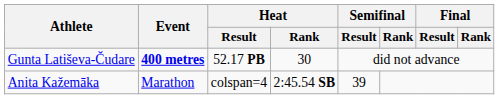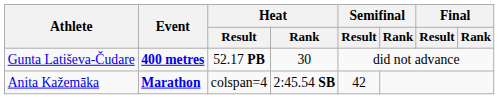 <table class="wikitable" style="font-size:90%">
 <tr>
 <th rowspan="2">Athlete</th>
 <th rowspan="2">Event</th>
 <th colspan="2">Heat</th>
 <th colspan="2">Semifinal</th>
 <th colspan="2">Final</th>
 </tr>
 <tr style="font-size:95%">
 <th>Result</th>
 <th>Rank</th>
 <th>Result</th>
 <th>Rank</th>
 <th>Result</th>
 <th>Rank</th>
 </tr>
 <tr style=text-align:center>
 <td style=text-align:left><a href='#'>Gunta Latiševa-Čudare</a></td>
 <td style=text-align:left><strong><a href='#'>400 metres</a></strong></td>
 <td>52.17 <strong>PB</strong></td>
 <td>30</td>
 <td colspan="4">did not advance</td>
 </tr>
 <tr style=text-align:center>
 <td style=text-align:left><a href='#'>Anita Kažemāka</a></td>
-<td style=text-align:left><a href='#'>Marathon</a></td>
+<td style=text-align:left><strong><a href='#'>Marathon</a></strong></td>
 <td>colspan=4 </td>
 <td>2:45.54 <strong>SB</strong></td>
-<td>39</td>
+<td>42</td>
 </tr>
 </table>
